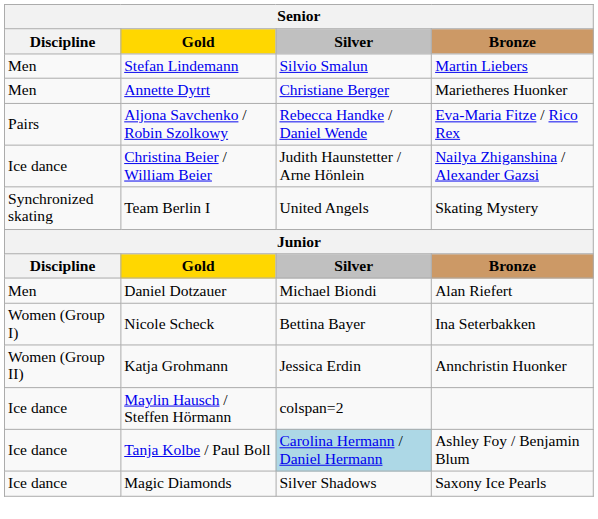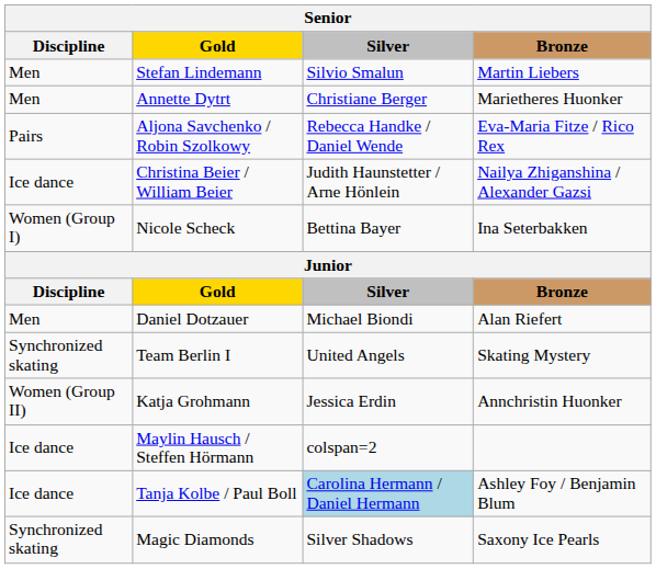 <table class="wikitable">
 <tr>
 <th colspan=4>Senior</th>
 </tr>
 <tr>
 <th>Discipline</th>
 <td align=center bgcolor=gold><strong>Gold</strong></td>
 <td align=center bgcolor=silver><strong>Silver</strong></td>
 <td align=center bgcolor=cc9966><strong>Bronze</strong></td>
 </tr>
 <tr>
 <td>Men</td>
 <td><a href='#'>Stefan Lindemann</a></td>
 <td><a href='#'>Silvio Smalun</a></td>
 <td><a href='#'>Martin Liebers</a></td>
 </tr>
 <tr>
 <td>Men</td>
 <td><a href='#'>Annette Dytrt</a></td>
 <td><a href='#'>Christiane Berger</a></td>
 <td>Marietheres Huonker</td>
 </tr>
 <tr>
 <td>Pairs</td>
 <td><a href='#'>Aljona Savchenko</a> / <a href='#'>Robin Szolkowy</a></td>
 <td><a href='#'>Rebecca Handke</a> / <a href='#'>Daniel Wende</a></td>
 <td><a href='#'>Eva-Maria Fitze</a> / <a href='#'>Rico Rex</a></td>
 </tr>
 <tr>
 <td>Ice dance</td>
 <td><a href='#'>Christina Beier</a> / <a href='#'>William Beier</a></td>
 <td>Judith Haunstetter / Arne Hönlein</td>
 <td><a href='#'>Nailya Zhiganshina</a> / <a href='#'>Alexander Gazsi</a></td>
 </tr>
 <tr>
-<td>Synchronized skating</td>
-<td>Team Berlin I</td>
-<td>United Angels</td>
-<td>Skating Mystery</td>
+<td>Women (Group I)</td>
+<td>Nicole Scheck</td>
+<td>Bettina Bayer</td>
+<td>Ina Seterbakken</td>
 </tr>
 <tr>
 <th colspan="4">Junior</th>
 </tr>
 <tr>
 <th>Discipline</th>
 <td align=center bgcolor=gold><strong>Gold</strong></td>
 <td align=center bgcolor=silver><strong>Silver</strong></td>
 <td align=center bgcolor=cc9966><strong>Bronze</strong></td>
 </tr>
 <tr>
 <td>Men</td>
 <td>Daniel Dotzauer</td>
 <td>Michael Biondi</td>
 <td>Alan Riefert</td>
 </tr>
 <tr>
-<td>Women (Group I)</td>
-<td>Nicole Scheck</td>
-<td>Bettina Bayer</td>
-<td>Ina Seterbakken</td>
+<td>Synchronized skating</td>
+<td>Team Berlin I</td>
+<td>United Angels</td>
+<td>Skating Mystery</td>
 </tr>
 <tr>
 <td>Women (Group II)</td>
 <td>Katja Grohmann</td>
 <td>Jessica Erdin</td>
 <td>Annchristin Huonker</td>
 </tr>
 <tr>
 <td>Ice dance</td>
 <td><a href='#'>Maylin Hausch</a> / Steffen Hörmann</td>
 <td>colspan=2 </td>
 </tr>
 <tr>
 <td>Ice dance</td>
 <td><a href='#'>Tanja Kolbe</a> / Paul Boll</td>
 <td style="background: lightblue;"><a href='#'>Carolina Hermann</a> / <a href='#'>Daniel Hermann</a></td>
 <td>Ashley Foy / Benjamin Blum</td>
 </tr>
 <tr>
-<td>Ice dance</td>
+<td>Synchronized skating</td>
 <td>Magic Diamonds</td>
 <td>Silver Shadows</td>
 <td>Saxony Ice Pearls</td>
 </tr>
 </table>
